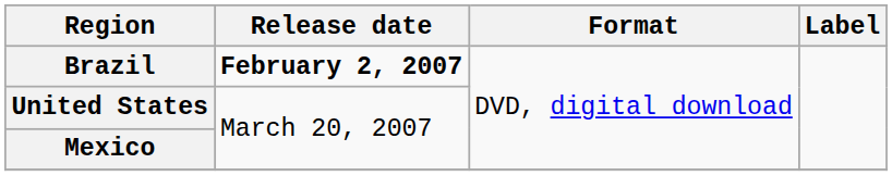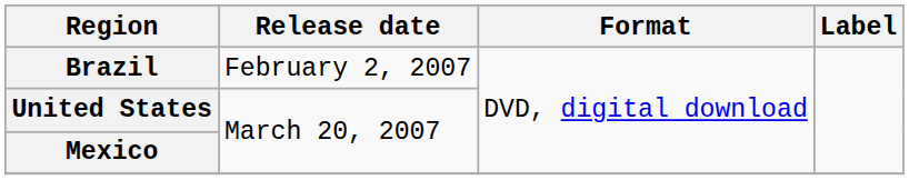 <table class="wikitable plainrowheaders">
 <tr>
 <th scope="col">Region</th>
 <th scope="col">Release date</th>
 <th scope="col">Format</th>
 <th scope="col">Label</th>
 </tr>
 <tr>
 <th scope="row">Brazil</th>
-<td><strong>February 2, 2007</strong></td>
+<td>February 2, 2007</td>
 <td rowspan="3">DVD, <a href='#'>digital download</a></td>
 <td rowspan="3"></td>
 </tr>
 <tr>
 <th scope="row">United States</th>
 <td rowspan="2">March 20, 2007</td>
 </tr>
 <tr>
 <th scope="row">Mexico</th>
 </tr>
 <tr>
 </tr>
 </table>
